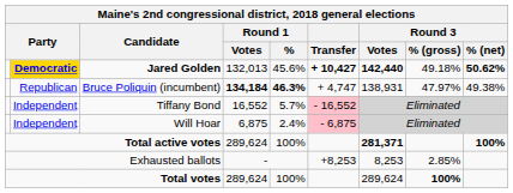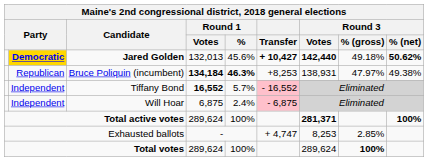 <table class="wikitable">
 <tr>
 <th colspan="13">Maine's 2nd congressional district, 2018 general elections</th>
 </tr>
 <tr>
 <th colspan="2" rowspan="2">Party</th>
 <th rowspan="2">Candidate</th>
 <th colspan="2">Round 1</th>
 <th></th>
 <th colspan="3">Round 3</th>
 </tr>
 <tr>
 <th>Votes</th>
 <th>%</th>
 <th>Transfer</th>
 <th>Votes</th>
 <th>% (gross)</th>
 <th>% (net)</th>
 </tr>
 <tr align=right>
 <td style="background-color:"></td>
 <td style="background: gold;"><strong><a href='#'>Democratic</a></strong></td>
 <td><strong>Jared Golden</strong></td>
 <td>132,013</td>
 <td>45.6%</td>
 <td><strong>+ 10,427</strong></td>
 <td><strong>142,440</strong></td>
 <td>49.18%</td>
 <td><strong>50.62%</strong></td>
 </tr>
 <tr align=right>
 <td style="background-color:"></td>
 <td><a href='#'>Republican</a></td>
 <td><a href='#'>Bruce Poliquin</a> (incumbent)</td>
 <td><strong>134,184</strong></td>
 <td><strong>46.3%</strong></td>
-<td>+ 4,747</td>
+<td>+8,253</td>
 <td>138,931</td>
 <td>47.97%</td>
 <td>49.38%</td>
 </tr>
 <tr align=right>
 <td style="background-color:"></td>
 <td><a href='#'>Independent</a></td>
 <td>Tiffany Bond</td>
-<td>16,552</td>
+<td><strong>16,552</strong></td>
 <td> 5.7%</td>
 <td BGCOLOR=pink>- 16,552</td>
 <td colspan=3 bgcolor=lightgray align=center><em>Eliminated</em></td>
 </tr>
 <tr align=right>
 <td style="background-color:"></td>
 <td><a href='#'>Independent</a></td>
 <td>Will Hoar</td>
 <td>6,875</td>
 <td> 2.4%</td>
 <td BGCOLOR=pink>- 6,875</td>
 <td colspan=3 bgcolor=lightgray align=center><em>Eliminated</em></td>
 </tr>
 <tr align=right>
 <td colspan="3" align="right"><strong>Total active votes</strong></td>
 <td>289,624</td>
 <td>100%</td>
 <td><br></td>
 <td><strong>281,371</strong></td>
 <td></td>
 <td><strong>100%</strong></td>
 </tr>
 <tr align=right>
 <td colspan=3>Exhausted ballots</td>
 <td colspan=2 align=center>-</td>
-<td>+8,253</td>
+<td>+ 4,747</td>
 <td>8,253</td>
 <td align="right">2.85%</td>
 <td></td>
 </tr>
 <tr align=right>
 <td colspan="3" align="right"><strong>Total votes</strong></td>
 <td>289,624</td>
 <td>100%</td>
 <td><br></td>
 <td>289,624</td>
 <td><strong>100%</strong></td>
 <td></td>
 </tr>
 </table>
